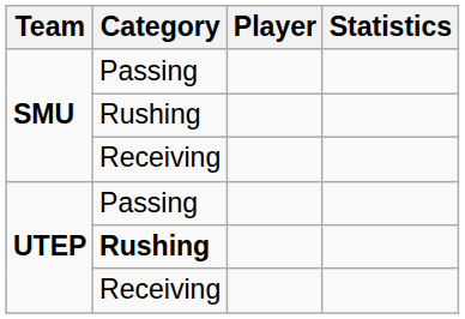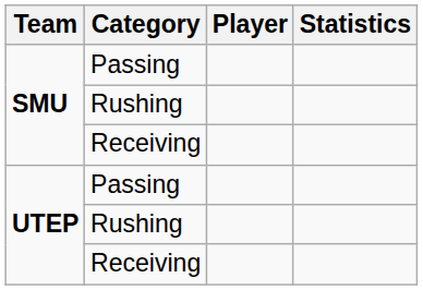 <table class="wikitable" style="float: right;">
 <tr>
 <th>Team</th>
 <th>Category</th>
 <th>Player</th>
 <th>Statistics</th>
 </tr>
 <tr>
 <td rowspan=3><strong>SMU</strong></td>
 <td>Passing</td>
 <td></td>
 <td></td>
 </tr>
 <tr>
 <td>Rushing</td>
 <td></td>
 <td></td>
 </tr>
 <tr>
 <td>Receiving</td>
 <td></td>
 <td></td>
 </tr>
 <tr>
 <td rowspan=3><strong>UTEP</strong></td>
 <td>Passing</td>
 <td></td>
 <td></td>
 </tr>
 <tr>
-<td><strong>Rushing</strong></td>
+<td>Rushing</td>
 <td></td>
 <td></td>
 </tr>
 <tr>
 <td>Receiving</td>
 <td></td>
 <td></td>
 </tr>
 </table>
